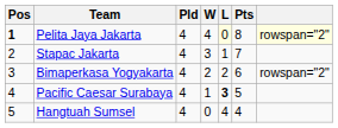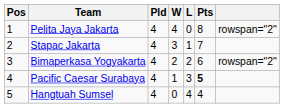 <table class="wikitable">
 <tr>
 <th>Pos</th>
 <th>Team</th>
 <th>Pld</th>
 <th>W</th>
 <th>L</th>
 <th>Pts</th>
 <th></th>
 </tr>
 <tr>
-<td><strong>1</strong></td>
+<td>1</td>
 <td><a href='#'>Pelita Jaya Jakarta</a></td>
 <td>4</td>
 <td>4</td>
-<td style="background: lightyellow;">0</td>
+<td>0</td>
 <td>8</td>
-<td style="background: lightyellow;">rowspan="2" </td>
+<td>rowspan="2" </td>
 </tr>
 <tr>
 <td>2</td>
 <td><a href='#'>Stapac Jakarta</a></td>
 <td>4</td>
 <td>3</td>
 <td>1</td>
 <td>7</td>
 </tr>
 <tr>
 <td>3</td>
 <td><a href='#'>Bimaperkasa Yogyakarta</a></td>
 <td>4</td>
 <td>2</td>
 <td>2</td>
 <td>6</td>
 <td>rowspan="2" </td>
 </tr>
 <tr>
 <td>4</td>
 <td><a href='#'>Pacific Caesar Surabaya</a></td>
 <td>4</td>
 <td>1</td>
-<td><strong>3</strong></td>
-<td>5</td>
+<td>3</td>
+<td><strong>5</strong></td>
 </tr>
 <tr>
 <td>5</td>
 <td><a href='#'>Hangtuah Sumsel</a></td>
 <td>4</td>
 <td>0</td>
 <td>4</td>
 <td>4</td>
 <td></td>
 </tr>
 </table>
